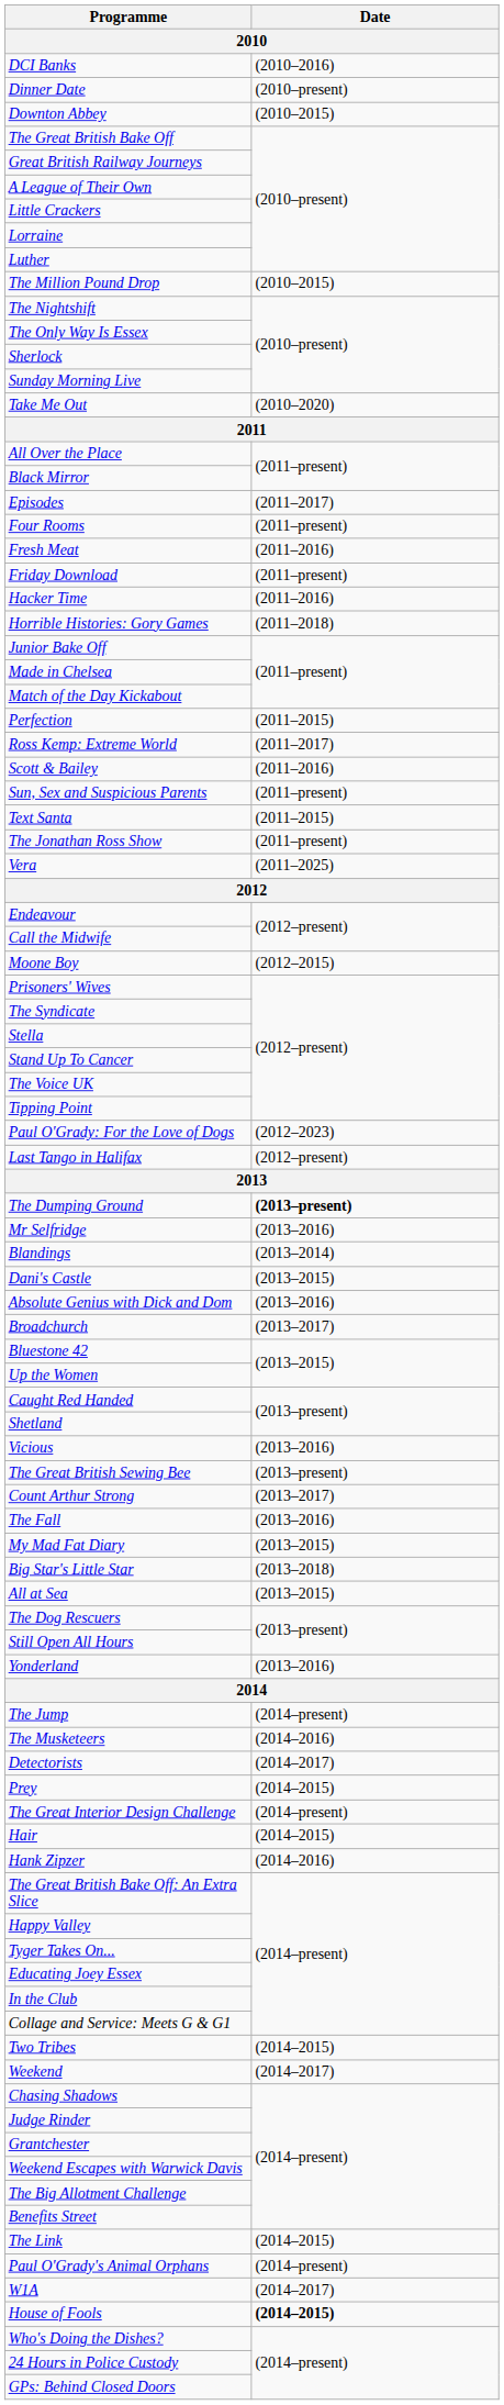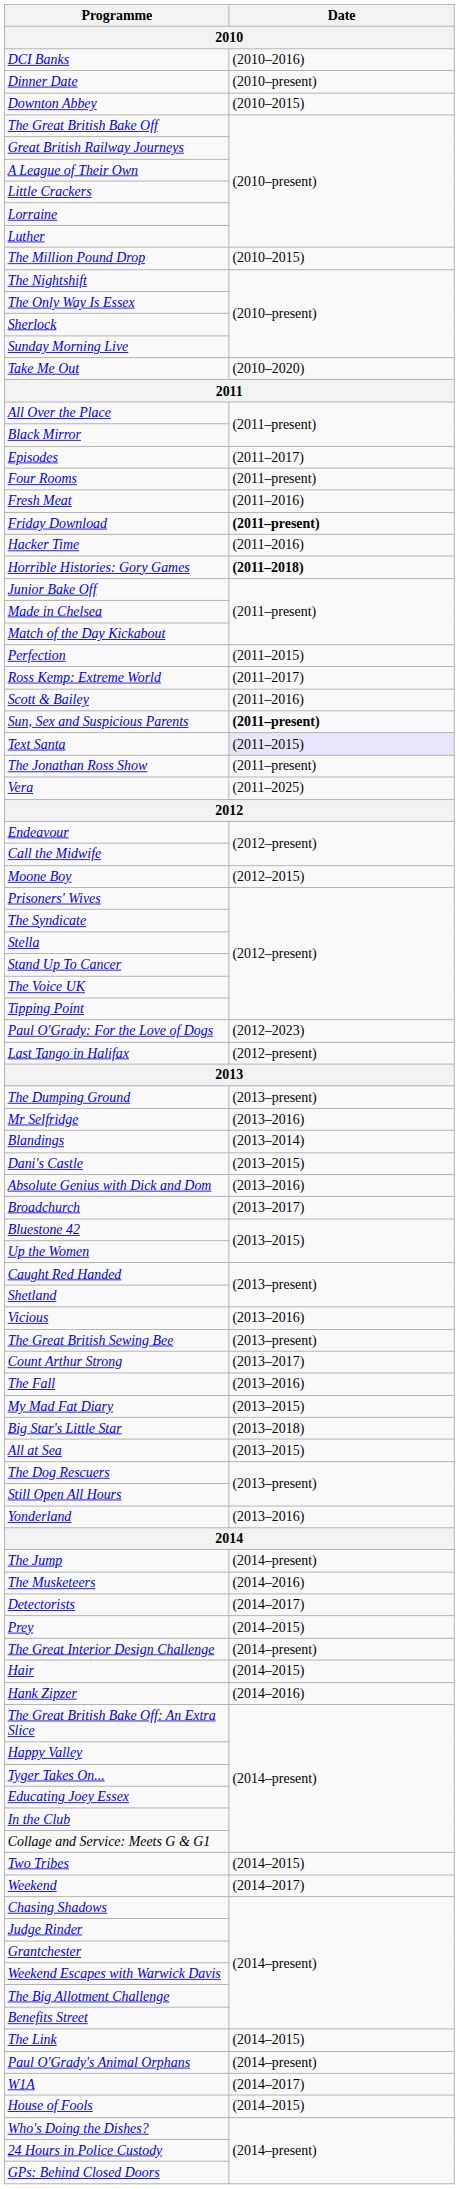 <table class="wikitable">
 <tr>
 <th width=251>Programme</th>
 <th width=251>Date</th>
 </tr>
 <tr>
 <th colspan=2>2010</th>
 </tr>
 <tr>
 <td><em><a href='#'>DCI Banks</a></em></td>
 <td>(2010–2016)</td>
 </tr>
 <tr>
 <td><em><a href='#'>Dinner Date</a></em></td>
 <td>(2010–present)</td>
 </tr>
 <tr>
 <td><em><a href='#'>Downton Abbey</a></em></td>
 <td>(2010–2015)</td>
 </tr>
 <tr>
 <td><em><a href='#'>The Great British Bake Off</a></em></td>
 <td rowspan="6">(2010–present)</td>
 </tr>
 <tr>
 <td><em><a href='#'>Great British Railway Journeys</a></em></td>
 </tr>
 <tr>
 <td><em><a href='#'>A League of Their Own</a></em></td>
 </tr>
 <tr>
 <td><em><a href='#'>Little Crackers</a></em></td>
 </tr>
 <tr>
 <td><em><a href='#'>Lorraine</a></em></td>
 </tr>
 <tr>
 <td><em><a href='#'>Luther</a></em></td>
 </tr>
 <tr>
 <td><em><a href='#'>The Million Pound Drop</a></em></td>
 <td>(2010–2015)</td>
 </tr>
 <tr>
 <td><em><a href='#'>The Nightshift</a></em></td>
 <td rowspan="4">(2010–present)</td>
 </tr>
 <tr>
 <td><em><a href='#'>The Only Way Is Essex</a></em></td>
 </tr>
 <tr>
 <td><em><a href='#'>Sherlock</a></em></td>
 </tr>
 <tr>
 <td><em><a href='#'>Sunday Morning Live</a></em></td>
 </tr>
 <tr>
 <td><em><a href='#'>Take Me Out</a></em></td>
 <td>(2010–2020)</td>
 </tr>
 <tr>
 <th colspan=2>2011</th>
 </tr>
 <tr>
 <td><em><a href='#'>All Over the Place</a></em></td>
 <td rowspan="2">(2011–present)</td>
 </tr>
 <tr>
 <td><em><a href='#'>Black Mirror</a></em></td>
 </tr>
 <tr>
 <td><em><a href='#'>Episodes</a></em></td>
 <td>(2011–2017)</td>
 </tr>
 <tr>
 <td><em><a href='#'>Four Rooms</a></em></td>
 <td>(2011–present)</td>
 </tr>
 <tr>
 <td><em><a href='#'>Fresh Meat</a></em></td>
 <td>(2011–2016)</td>
 </tr>
 <tr>
 <td><em><a href='#'>Friday Download</a></em></td>
-<td>(2011–present)</td>
+<td><strong>(2011–present)</strong></td>
 </tr>
 <tr>
 <td><em><a href='#'>Hacker Time</a></em></td>
 <td>(2011–2016)</td>
 </tr>
 <tr>
 <td><em><a href='#'>Horrible Histories: Gory Games</a></em></td>
-<td>(2011–2018)</td>
+<td><strong>(2011–2018)</strong></td>
 </tr>
 <tr>
 <td><em><a href='#'>Junior Bake Off</a></em></td>
 <td rowspan="3">(2011–present)</td>
 </tr>
 <tr>
 <td><em><a href='#'>Made in Chelsea</a></em></td>
 </tr>
 <tr>
 <td><em><a href='#'>Match of the Day Kickabout</a></em></td>
 </tr>
 <tr>
 <td><em><a href='#'>Perfection</a></em></td>
 <td>(2011–2015)</td>
 </tr>
 <tr>
 <td><em><a href='#'>Ross Kemp: Extreme World</a></em></td>
 <td>(2011–2017)</td>
 </tr>
 <tr>
 <td><em><a href='#'>Scott & Bailey</a></em></td>
 <td>(2011–2016)</td>
 </tr>
 <tr>
 <td><em><a href='#'>Sun, Sex and Suspicious Parents</a></em></td>
-<td>(2011–present)</td>
+<td><strong>(2011–present)</strong></td>
 </tr>
 <tr>
 <td><em><a href='#'>Text Santa</a></em></td>
-<td>(2011–2015)</td>
+<td style="background: lavender;">(2011–2015)</td>
 </tr>
 <tr>
 <td><em><a href='#'>The Jonathan Ross Show</a></em></td>
 <td>(2011–present)</td>
 </tr>
 <tr>
 <td><em><a href='#'>Vera</a></em></td>
 <td>(2011–2025)</td>
 </tr>
 <tr>
 <th colspan=2>2012</th>
 </tr>
 <tr>
 <td><em><a href='#'>Endeavour</a></em></td>
 <td rowspan="2">(2012–present)</td>
 </tr>
 <tr>
 <td><em><a href='#'>Call the Midwife</a></em></td>
 </tr>
 <tr>
 <td><em><a href='#'>Moone Boy</a></em></td>
 <td>(2012–2015)</td>
 </tr>
 <tr>
 <td><em><a href='#'>Prisoners' Wives</a></em></td>
 <td rowspan="6">(2012–present)</td>
 </tr>
 <tr>
 <td><em><a href='#'>The Syndicate</a></em></td>
 </tr>
 <tr>
 <td><em><a href='#'>Stella</a></em></td>
 </tr>
 <tr>
 <td><em><a href='#'>Stand Up To Cancer</a></em></td>
 </tr>
 <tr>
 <td><em><a href='#'>The Voice UK</a></em></td>
 </tr>
 <tr>
 <td><em><a href='#'>Tipping Point</a></em></td>
 </tr>
 <tr>
 <td><em><a href='#'>Paul O'Grady: For the Love of Dogs</a></em></td>
 <td>(2012–2023)</td>
 </tr>
 <tr>
 <td><em><a href='#'>Last Tango in Halifax</a></em></td>
 <td>(2012–present)</td>
 </tr>
 <tr>
 <th colspan=2>2013</th>
 </tr>
 <tr>
 <td><em><a href='#'>The Dumping Ground</a></em></td>
-<td><strong>(2013–present)</strong></td>
+<td>(2013–present)</td>
 </tr>
 <tr>
 <td><em><a href='#'>Mr Selfridge</a></em></td>
 <td>(2013–2016)</td>
 </tr>
 <tr>
 <td><em><a href='#'>Blandings</a></em></td>
 <td>(2013–2014)</td>
 </tr>
 <tr>
 <td><em><a href='#'>Dani's Castle</a></em></td>
 <td>(2013–2015)</td>
 </tr>
 <tr>
 <td><em><a href='#'>Absolute Genius with Dick and Dom</a></em></td>
 <td>(2013–2016)</td>
 </tr>
 <tr>
 <td><em><a href='#'>Broadchurch</a></em></td>
 <td>(2013–2017)</td>
 </tr>
 <tr>
 <td><em><a href='#'>Bluestone 42</a></em></td>
 <td rowspan="2">(2013–2015)</td>
 </tr>
 <tr>
 <td><em><a href='#'>Up the Women</a></em></td>
 </tr>
 <tr>
 <td><em><a href='#'>Caught Red Handed</a></em></td>
 <td rowspan="2">(2013–present)</td>
 </tr>
 <tr>
 <td><em><a href='#'>Shetland</a></em></td>
 </tr>
 <tr>
 <td><em><a href='#'>Vicious</a></em></td>
 <td>(2013–2016)</td>
 </tr>
 <tr>
 <td><em><a href='#'>The Great British Sewing Bee</a></em></td>
 <td>(2013–present)</td>
 </tr>
 <tr>
 <td><em><a href='#'>Count Arthur Strong</a></em></td>
 <td>(2013–2017)</td>
 </tr>
 <tr>
 <td><em><a href='#'>The Fall</a></em></td>
 <td>(2013–2016)</td>
 </tr>
 <tr>
 <td><em><a href='#'>My Mad Fat Diary</a></em></td>
 <td>(2013–2015)</td>
 </tr>
 <tr>
 <td><em><a href='#'>Big Star's Little Star</a></em></td>
 <td>(2013–2018)</td>
 </tr>
 <tr>
 <td><em><a href='#'>All at Sea</a></em></td>
 <td>(2013–2015)</td>
 </tr>
 <tr>
 <td><em><a href='#'>The Dog Rescuers</a></em></td>
 <td rowspan="2">(2013–present)</td>
 </tr>
 <tr>
 <td><em><a href='#'>Still Open All Hours</a></em></td>
 </tr>
 <tr>
 <td><em><a href='#'>Yonderland</a></em></td>
 <td>(2013–2016)</td>
 </tr>
 <tr>
 <th colspan=2>2014</th>
 </tr>
 <tr>
 <td><em><a href='#'>The Jump</a></em></td>
 <td>(2014–present)</td>
 </tr>
 <tr>
 <td><em><a href='#'>The Musketeers</a></em></td>
 <td>(2014–2016)</td>
 </tr>
 <tr>
 <td><em><a href='#'>Detectorists</a></em></td>
 <td>(2014–2017)</td>
 </tr>
 <tr>
 <td><em><a href='#'>Prey</a></em></td>
 <td>(2014–2015)</td>
 </tr>
 <tr>
 <td><em><a href='#'>The Great Interior Design Challenge</a></em></td>
 <td>(2014–present)</td>
 </tr>
 <tr>
 <td><em><a href='#'>Hair</a></em></td>
 <td>(2014–2015)</td>
 </tr>
 <tr>
 <td><em><a href='#'>Hank Zipzer</a></em></td>
 <td>(2014–2016)</td>
 </tr>
 <tr>
 <td><em><a href='#'>The Great British Bake Off: An Extra Slice</a></em></td>
 <td rowspan="6">(2014–present)</td>
 </tr>
 <tr>
 <td><em><a href='#'>Happy Valley</a></em></td>
 </tr>
 <tr>
 <td><em><a href='#'>Tyger Takes On...</a></em></td>
 </tr>
 <tr>
 <td><em><a href='#'>Educating Joey Essex</a></em></td>
 </tr>
 <tr>
 <td><em><a href='#'>In the Club</a></em></td>
 </tr>
 <tr>
 <td><em>Collage and Service: Meets G & G1</em></td>
 </tr>
 <tr>
 <td><em><a href='#'>Two Tribes</a></em></td>
 <td>(2014–2015)</td>
 </tr>
 <tr>
 <td><em><a href='#'>Weekend</a></em></td>
 <td>(2014–2017)</td>
 </tr>
 <tr>
 <td><em><a href='#'>Chasing Shadows</a></em></td>
 <td rowspan="6">(2014–present)</td>
 </tr>
 <tr>
 <td><em><a href='#'>Judge Rinder</a></em></td>
 </tr>
 <tr>
 <td><em><a href='#'>Grantchester</a></em></td>
 </tr>
 <tr>
 <td><em><a href='#'>Weekend Escapes with Warwick Davis</a></em></td>
 </tr>
 <tr>
 <td><em><a href='#'>The Big Allotment Challenge</a></em></td>
 </tr>
 <tr>
 <td><em><a href='#'>Benefits Street</a></em></td>
 </tr>
 <tr>
 <td><em><a href='#'>The Link</a></em></td>
 <td>(2014–2015)</td>
 </tr>
 <tr>
 <td><em><a href='#'>Paul O'Grady's Animal Orphans</a></em></td>
 <td>(2014–present)</td>
 </tr>
 <tr>
 <td><em><a href='#'>W1A</a></em></td>
 <td>(2014–2017)</td>
 </tr>
 <tr>
 <td><em><a href='#'>House of Fools</a></em></td>
-<td><strong>(2014–2015)</strong></td>
+<td>(2014–2015)</td>
 </tr>
 <tr>
 <td><em><a href='#'>Who's Doing the Dishes?</a></em></td>
 <td rowspan="3">(2014–present)</td>
 </tr>
 <tr>
 <td><em><a href='#'>24 Hours in Police Custody</a></em></td>
 </tr>
 <tr>
 <td><em><a href='#'>GPs: Behind Closed Doors</a></em></td>
 </tr>
 </table>
